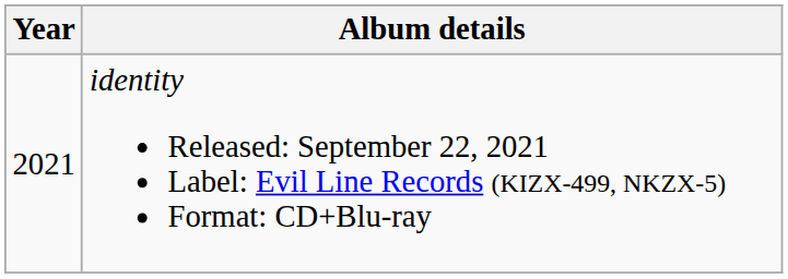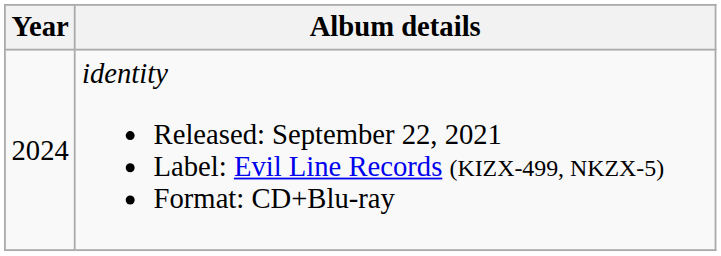 <table class="wikitable" border="1">
 <tr>
 <th rowspan="1">Year</th>
 <th rowspan="1" width="350">Album details</th>
 </tr>
 <tr>
-<td rowspan="1">2021</td>
+<td rowspan="1">2024</td>
 <td align="left"><em>identity</em><br><ul><li>Released: September 22, 2021</li><li>Label: <a href='#'>Evil Line Records</a> <small>(KIZX-499, NKZX-5)</small></li><li>Format: CD+Blu-ray</li></ul></td>
 </tr>
 </table>
